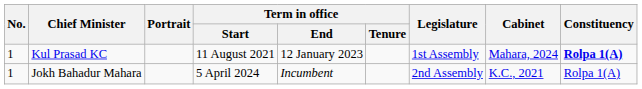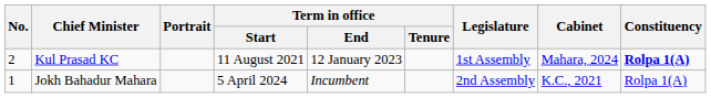 <table class="wikitable">
 <tr>
 <th rowspan="2" style="background-color:">No.</th>
 <th rowspan="2" style="background-color:">Chief Minister</th>
 <th rowspan="2" style="background-color:">Portrait</th>
 <th colspan="3" style="background-color:">Term in office</th>
 <th rowspan="2" style="background-color:">Legislature</th>
 <th rowspan="2" style="background-color:">Cabinet</th>
 <th rowspan="2" style="background-color:">Constituency</th>
 </tr>
 <tr>
 <th style="background-color:">Start</th>
 <th style="background-color:">End</th>
 <th style="background-color:">Tenure</th>
 </tr>
 <tr>
-<td>1</td>
+<td>2</td>
 <td><a href='#'>Kul Prasad KC</a></td>
 <td></td>
 <td>11 August 2021</td>
 <td>12 January 2023</td>
 <td></td>
 <td><a href='#'>1st Assembly</a></td>
 <td><a href='#'>Mahara, 2024</a></td>
 <td><strong><a href='#'>Rolpa 1(A)</a></strong></td>
 </tr>
 <tr>
 <td>1</td>
 <td>Jokh Bahadur Mahara</td>
 <td></td>
 <td>5 April 2024</td>
 <td><em>Incumbent</em></td>
 <td></td>
 <td><a href='#'>2nd Assembly</a></td>
 <td><a href='#'>K.C., 2021</a></td>
 <td><a href='#'>Rolpa 1(A)</a></td>
 </tr>
 </table>
